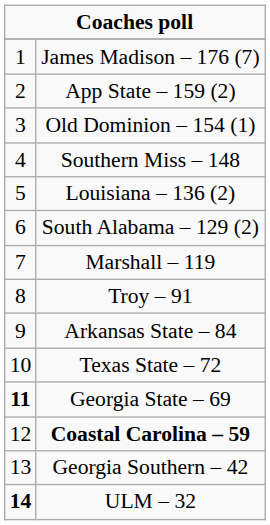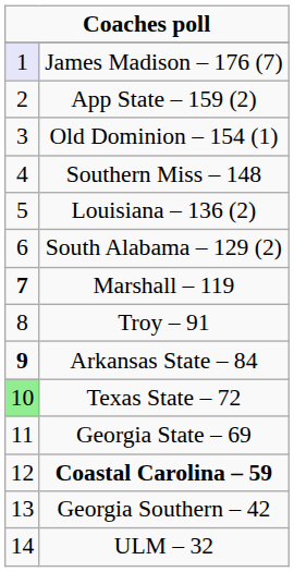 <table class="wikitable" style="display: inline-table;">
 <tr>
 <td align="center" Colspan="3"><strong>Coaches poll</strong></td>
 </tr>
 <tr align="center">
 </tr>
 <tr align="center">
-<td>1</td>
+<td style="background: lavender;">1</td>
 <td>James Madison – 176 (7)</td>
 </tr>
 <tr align="center">
 <td>2</td>
 <td>App State – 159 (2)</td>
 </tr>
 <tr align="center">
 <td>3</td>
 <td>Old Dominion – 154 (1)</td>
 </tr>
 <tr align="center">
 <td>4</td>
 <td>Southern Miss – 148</td>
 </tr>
 <tr align="center">
 <td>5</td>
 <td>Louisiana – 136 (2)</td>
 </tr>
 <tr align="center">
 <td>6</td>
 <td>South Alabama – 129 (2)</td>
 </tr>
 <tr align="center">
-<td>7</td>
+<td><strong>7</strong></td>
 <td>Marshall – 119</td>
 </tr>
 <tr align="center">
 <td>8</td>
 <td>Troy – 91</td>
 </tr>
 <tr align="center">
-<td>9</td>
+<td><strong>9</strong></td>
 <td>Arkansas State – 84</td>
 </tr>
 <tr align="center">
-<td>10</td>
+<td style="background: lightgreen;">10</td>
 <td>Texas State – 72</td>
 </tr>
 <tr align="center">
-<td><strong>11</strong></td>
+<td>11</td>
 <td>Georgia State – 69</td>
 </tr>
 <tr align="center">
 <td>12</td>
 <td><strong>Coastal Carolina – 59</strong></td>
 </tr>
 <tr align="center">
 <td>13</td>
 <td>Georgia Southern – 42</td>
 </tr>
 <tr align="center">
-<td><strong>14</strong></td>
+<td>14</td>
 <td>ULM – 32</td>
 </tr>
 </table>
